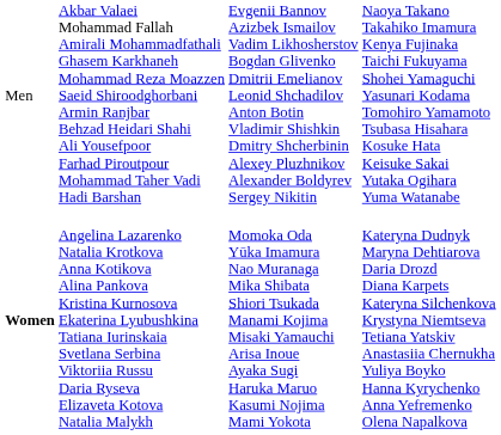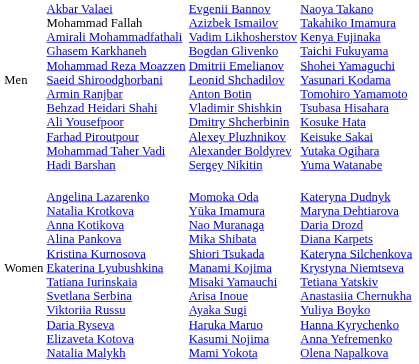 <table>
 <tr>
 <td>Men<br></td>
 <td><br><a href='#'>Akbar Valaei</a><br>Mohammad Fallah<br><a href='#'>Amirali Mohammadfathali</a><br><a href='#'>Ghasem Karkhaneh</a><br><a href='#'>Mohammad Reza Moazzen</a><br><a href='#'>Saeid Shiroodghorbani</a><br><a href='#'>Armin Ranjbar</a><br><a href='#'>Behzad Heidari Shahi</a><br><a href='#'>Ali Yousefpoor</a><br><a href='#'>Farhad Piroutpour</a><br><a href='#'>Mohammad Taher Vadi</a><br><a href='#'>Hadi Barshan</a></td>
 <td><br><a href='#'>Evgenii Bannov</a><br><a href='#'>Azizbek Ismailov</a><br><a href='#'>Vadim Likhosherstov</a><br><a href='#'>Bogdan Glivenko</a><br><a href='#'>Dmitrii Emelianov</a><br><a href='#'>Leonid Shchadilov</a><br><a href='#'>Anton Botin</a><br><a href='#'>Vladimir Shishkin</a><br><a href='#'>Dmitry Shcherbinin</a><br><a href='#'>Alexey Pluzhnikov</a><br><a href='#'>Alexander Boldyrev</a><br><a href='#'>Sergey Nikitin</a></td>
 <td><br><a href='#'>Naoya Takano</a><br><a href='#'>Takahiko Imamura</a><br><a href='#'>Kenya Fujinaka</a><br><a href='#'>Taichi Fukuyama</a><br><a href='#'>Shohei Yamaguchi</a><br><a href='#'>Yasunari Kodama</a><br><a href='#'>Tomohiro Yamamoto</a><br><a href='#'>Tsubasa Hisahara</a><br><a href='#'>Kosuke Hata</a><br><a href='#'>Keisuke Sakai</a><br><a href='#'>Yutaka Ogihara</a><br><a href='#'>Yuma Watanabe</a></td>
 </tr>
 <tr>
-<td><strong>Women<br></strong></td>
+<td>Women<br></td>
 <td><br><a href='#'>Angelina Lazarenko</a><br><a href='#'>Natalia Krotkova</a><br><a href='#'>Anna Kotikova</a><br><a href='#'>Alina Pankova</a><br><a href='#'>Kristina Kurnosova</a><br><a href='#'>Ekaterina Lyubushkina</a><br><a href='#'>Tatiana Iurinskaia</a><br><a href='#'>Svetlana Serbina</a><br><a href='#'>Viktoriia Russu</a><br><a href='#'>Daria Ryseva</a><br><a href='#'>Elizaveta Kotova</a><br><a href='#'>Natalia Malykh</a></td>
 <td><br><a href='#'>Momoka Oda</a><br><a href='#'>Yūka Imamura</a><br><a href='#'>Nao Muranaga</a><br><a href='#'>Mika Shibata</a><br><a href='#'>Shiori Tsukada</a><br><a href='#'>Manami Kojima</a><br><a href='#'>Misaki Yamauchi</a><br><a href='#'>Arisa Inoue</a><br><a href='#'>Ayaka Sugi</a><br><a href='#'>Haruka Maruo</a><br><a href='#'>Kasumi Nojima</a><br><a href='#'>Mami Yokota</a></td>
 <td><br><a href='#'>Kateryna Dudnyk</a><br><a href='#'>Maryna Dehtiarova</a><br><a href='#'>Daria Drozd</a><br><a href='#'>Diana Karpets</a><br><a href='#'>Kateryna Silchenkova</a><br><a href='#'>Krystyna Niemtseva</a><br><a href='#'>Tetiana Yatskiv</a><br><a href='#'>Anastasiia Chernukha</a><br><a href='#'>Yuliya Boyko</a><br><a href='#'>Hanna Kyrychenko</a><br><a href='#'>Anna Yefremenko</a><br><a href='#'>Olena Napalkova</a></td>
 </tr>
 </table>
